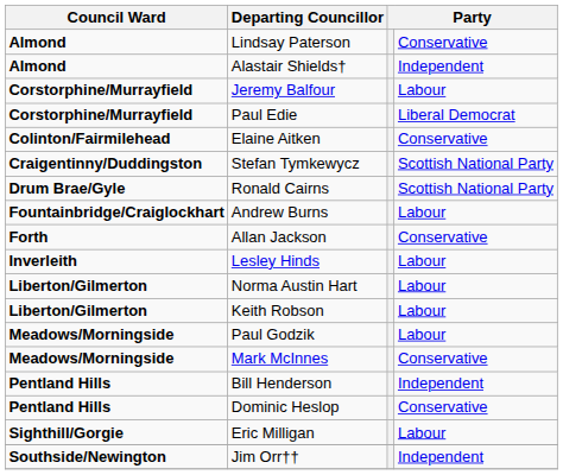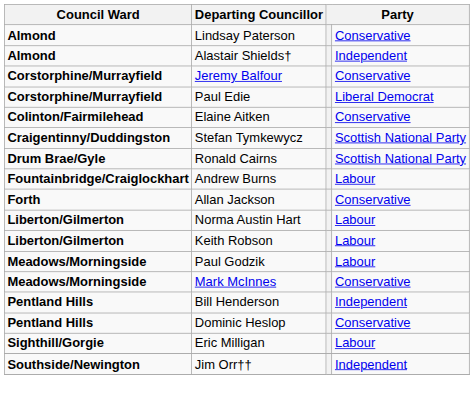 <table class="wikitable sortable">
 <tr>
 <th>Council Ward</th>
 <th>Departing Councillor</th>
 <th colspan="2">Party</th>
 </tr>
 <tr>
 <td><strong>Almond</strong></td>
 <td>Lindsay Paterson</td>
 <th style="background-color: "></th>
 <td><a href='#'>Conservative</a></td>
 </tr>
 <tr>
 <td><strong>Almond</strong></td>
 <td>Alastair Shields†</td>
 <th style="background-color: "></th>
 <td><a href='#'>Independent</a></td>
 </tr>
 <tr>
 <td><strong>Corstorphine/Murrayfield</strong></td>
 <td><a href='#'>Jeremy Balfour</a></td>
 <th style="background-color: "></th>
-<td><a href='#'>Labour</a></td>
+<td><a href='#'>Conservative</a></td>
 </tr>
 <tr>
 <td><strong>Corstorphine/Murrayfield</strong></td>
 <td>Paul Edie</td>
 <th style="background-color: "></th>
 <td><a href='#'>Liberal Democrat</a></td>
 </tr>
 <tr>
 <td><strong>Colinton/Fairmilehead</strong></td>
 <td>Elaine Aitken</td>
 <th style="background-color: "></th>
 <td><a href='#'>Conservative</a></td>
 </tr>
 <tr>
 <td><strong>Craigentinny/Duddingston</strong></td>
 <td>Stefan Tymkewycz</td>
 <th style="background-color: "></th>
 <td><a href='#'>Scottish National Party</a></td>
 </tr>
 <tr>
 <td><strong>Drum Brae/Gyle</strong></td>
 <td>Ronald Cairns</td>
 <th style="background-color: "></th>
 <td><a href='#'>Scottish National Party</a></td>
 </tr>
 <tr>
 <td><strong>Fountainbridge/Craiglockhart</strong></td>
 <td>Andrew Burns</td>
 <th style="background-color: "></th>
 <td><a href='#'>Labour</a></td>
 </tr>
 <tr>
 <td><strong>Forth</strong></td>
 <td>Allan Jackson</td>
 <th style="background-color: "></th>
 <td><a href='#'>Conservative</a></td>
-</tr>
-<tr>
-<td><strong>Inverleith</strong></td>
-<td><a href='#'>Lesley Hinds</a></td>
-<th style="background-color: "></th>
-<td><a href='#'>Labour</a></td>
 </tr>
 <tr>
 <td><strong>Liberton/Gilmerton</strong></td>
 <td>Norma Austin Hart</td>
 <th style="background-color: "></th>
 <td><a href='#'>Labour</a></td>
 </tr>
 <tr>
 <td><strong>Liberton/Gilmerton</strong></td>
 <td>Keith Robson</td>
 <th style="background-color: "></th>
 <td><a href='#'>Labour</a></td>
 </tr>
 <tr>
 <td><strong>Meadows/Morningside</strong></td>
 <td>Paul Godzik</td>
 <th style="background-color: "></th>
 <td><a href='#'>Labour</a></td>
 </tr>
 <tr>
 <td><strong>Meadows/Morningside</strong></td>
 <td><a href='#'>Mark McInnes</a></td>
 <th style="background-color: "></th>
 <td><a href='#'>Conservative</a></td>
 </tr>
 <tr>
 <td><strong>Pentland Hills</strong></td>
 <td>Bill Henderson</td>
 <th style="background-color: "></th>
 <td><a href='#'>Independent</a></td>
 </tr>
 <tr>
 <td><strong>Pentland Hills</strong></td>
 <td>Dominic Heslop</td>
 <th style="background-color: "></th>
 <td><a href='#'>Conservative</a></td>
 </tr>
 <tr>
 <td><strong>Sighthill/Gorgie</strong></td>
 <td>Eric Milligan</td>
 <th style="background-color: "></th>
 <td><a href='#'>Labour</a></td>
 </tr>
 <tr>
 </tr>
 <tr>
 <td><strong>Southside/Newington</strong></td>
 <td>Jim Orr††</td>
 <th style="background-color: "></th>
 <td><a href='#'>Independent</a></td>
 </tr>
 <tr>
 </tr>
 </table>
